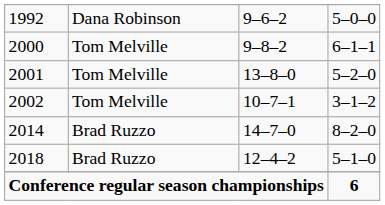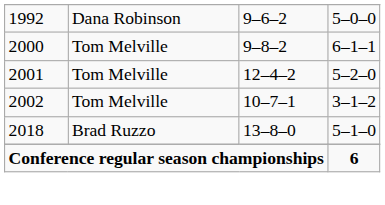 <table class="wikitable" style="font-size:100%;">
 <tr>
 </tr>
 <tr>
 <td>1992</td>
 <td>Dana Robinson</td>
 <td>9–6–2</td>
 <td>5–0–0</td>
 </tr>
 <tr>
 <td>2000</td>
 <td>Tom Melville</td>
 <td>9–8–2</td>
 <td>6–1–1</td>
 </tr>
 <tr>
 <td>2001</td>
 <td>Tom Melville</td>
-<td>13–8–0</td>
+<td>12–4–2</td>
 <td>5–2–0</td>
 </tr>
 <tr>
 <td>2002</td>
 <td>Tom Melville</td>
 <td>10–7–1</td>
 <td>3–1–2</td>
 </tr>
 <tr>
-<td>2014</td>
-<td>Brad Ruzzo</td>
-<td>14–7–0</td>
-<td>8–2–0</td>
-</tr>
-<tr>
 <td>2018</td>
 <td>Brad Ruzzo</td>
-<td>12–4–2</td>
+<td>13–8–0</td>
 <td>5–1–0</td>
 </tr>
 <tr>
 </tr>
 <tr style="text-align:center; ">
 <td colspan="3"><strong>Conference regular season championships</strong></td>
 <td colspan="1"><strong>6</strong></td>
 </tr>
 </table>
